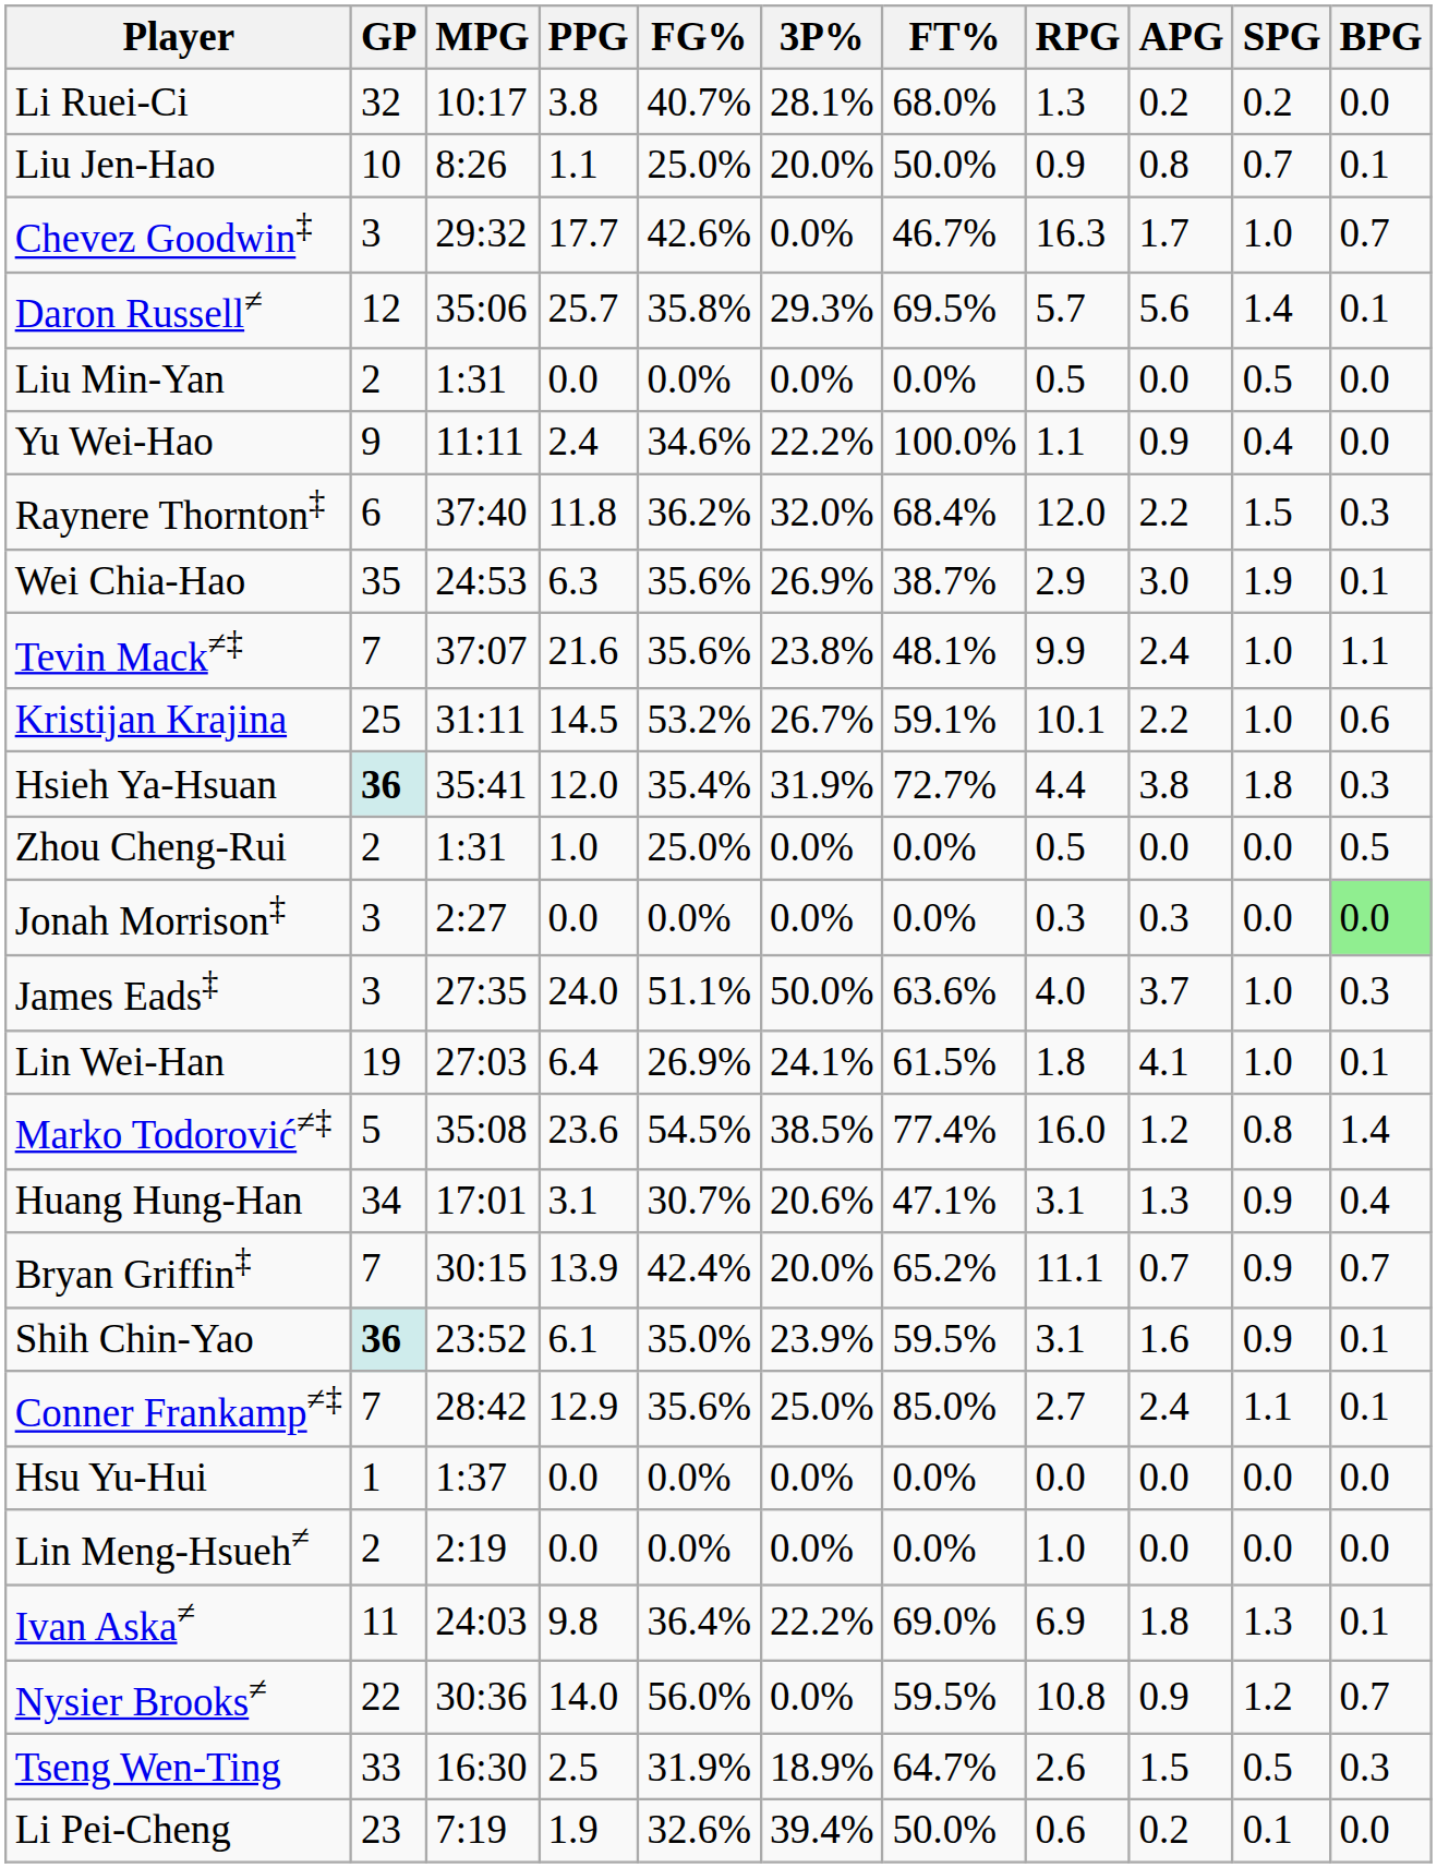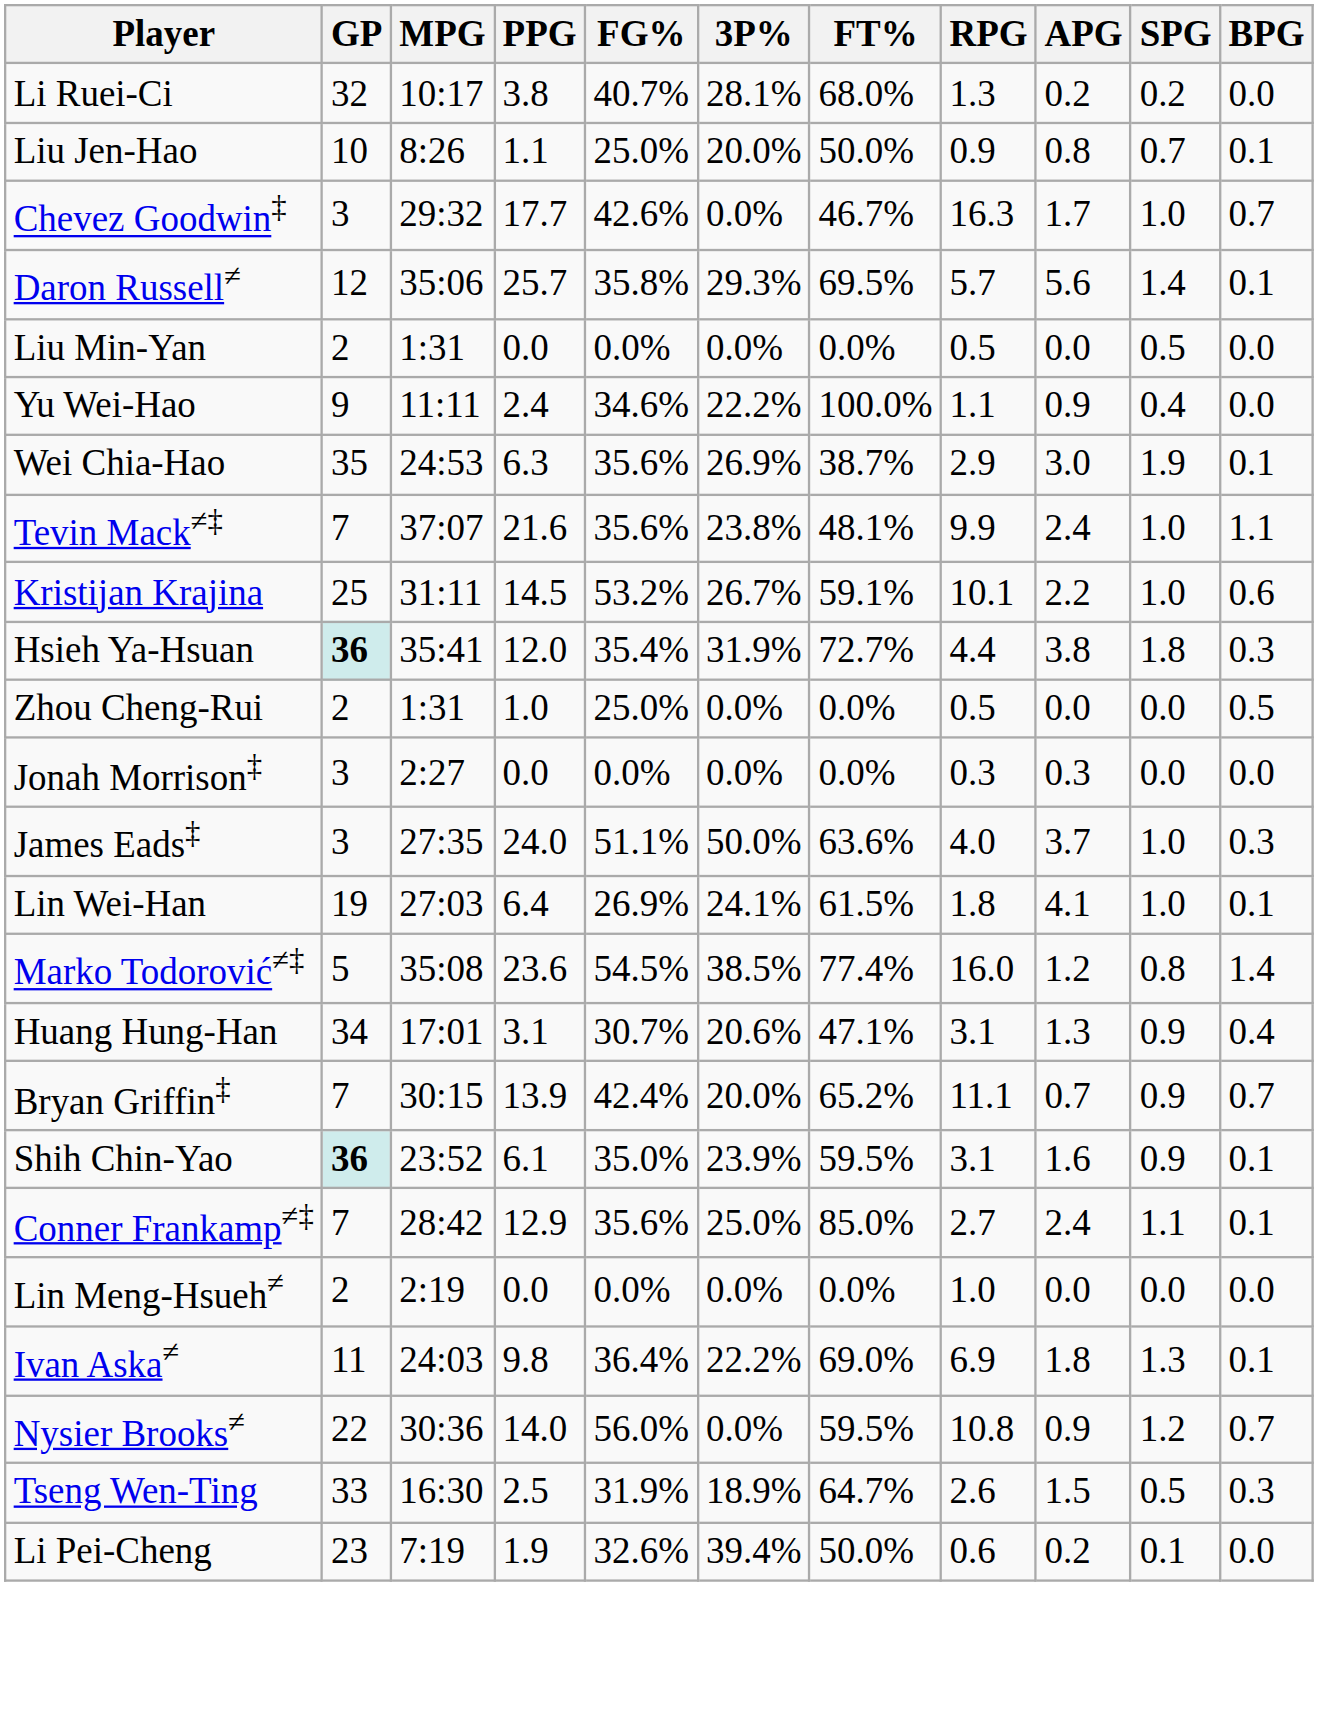 <table class="wikitable">
 <tr>
 <th>Player</th>
 <th>GP</th>
 <th>MPG</th>
 <th>PPG</th>
 <th>FG%</th>
 <th>3P%</th>
 <th>FT%</th>
 <th>RPG</th>
 <th>APG</th>
 <th>SPG</th>
 <th>BPG</th>
 </tr>
 <tr>
 <td>Li Ruei-Ci</td>
 <td>32</td>
 <td>10:17</td>
 <td>3.8</td>
 <td>40.7%</td>
 <td>28.1%</td>
 <td>68.0%</td>
 <td>1.3</td>
 <td>0.2</td>
 <td>0.2</td>
 <td>0.0</td>
 </tr>
 <tr>
 <td>Liu Jen-Hao</td>
 <td>10</td>
 <td>8:26</td>
 <td>1.1</td>
 <td>25.0%</td>
 <td>20.0%</td>
 <td>50.0%</td>
 <td>0.9</td>
 <td>0.8</td>
 <td>0.7</td>
 <td>0.1</td>
 </tr>
 <tr>
 <td><a href='#'>Chevez Goodwin</a><sup>‡</sup></td>
 <td>3</td>
 <td>29:32</td>
 <td>17.7</td>
 <td>42.6%</td>
 <td>0.0%</td>
 <td>46.7%</td>
 <td>16.3</td>
 <td>1.7</td>
 <td>1.0</td>
 <td>0.7</td>
 </tr>
 <tr>
 <td><a href='#'>Daron Russell</a><sup>≠</sup></td>
 <td>12</td>
 <td>35:06</td>
 <td>25.7</td>
 <td>35.8%</td>
 <td>29.3%</td>
 <td>69.5%</td>
 <td>5.7</td>
 <td>5.6</td>
 <td>1.4</td>
 <td>0.1</td>
 </tr>
 <tr>
 <td>Liu Min-Yan</td>
 <td>2</td>
 <td>1:31</td>
 <td>0.0</td>
 <td>0.0%</td>
 <td>0.0%</td>
 <td>0.0%</td>
 <td>0.5</td>
 <td>0.0</td>
 <td>0.5</td>
 <td>0.0</td>
 </tr>
 <tr>
 <td>Yu Wei-Hao</td>
 <td>9</td>
 <td>11:11</td>
 <td>2.4</td>
 <td>34.6%</td>
 <td>22.2%</td>
 <td>100.0%</td>
 <td>1.1</td>
 <td>0.9</td>
 <td>0.4</td>
 <td>0.0</td>
 </tr>
 <tr>
-<td>Raynere Thornton<sup>‡</sup></td>
-<td>6</td>
-<td>37:40</td>
-<td>11.8</td>
-<td>36.2%</td>
-<td>32.0%</td>
-<td>68.4%</td>
-<td>12.0</td>
-<td>2.2</td>
-<td>1.5</td>
-<td>0.3</td>
-</tr>
-<tr>
 <td>Wei Chia-Hao</td>
 <td>35</td>
 <td>24:53</td>
 <td>6.3</td>
 <td>35.6%</td>
 <td>26.9%</td>
 <td>38.7%</td>
 <td>2.9</td>
 <td>3.0</td>
 <td>1.9</td>
 <td>0.1</td>
 </tr>
 <tr>
 <td><a href='#'>Tevin Mack</a><sup>≠‡</sup></td>
 <td>7</td>
 <td>37:07</td>
 <td>21.6</td>
 <td>35.6%</td>
 <td>23.8%</td>
 <td>48.1%</td>
 <td>9.9</td>
 <td>2.4</td>
 <td>1.0</td>
 <td>1.1</td>
 </tr>
 <tr>
 <td><a href='#'>Kristijan Krajina</a></td>
 <td>25</td>
 <td>31:11</td>
 <td>14.5</td>
 <td>53.2%</td>
 <td>26.7%</td>
 <td>59.1%</td>
 <td>10.1</td>
 <td>2.2</td>
 <td>1.0</td>
 <td>0.6</td>
 </tr>
 <tr>
 <td>Hsieh Ya-Hsuan</td>
 <td style="background-color: #CFECEC"><strong>36</strong></td>
 <td>35:41</td>
 <td>12.0</td>
 <td>35.4%</td>
 <td>31.9%</td>
 <td>72.7%</td>
 <td>4.4</td>
 <td>3.8</td>
 <td>1.8</td>
 <td>0.3</td>
 </tr>
 <tr>
 <td>Zhou Cheng-Rui</td>
 <td>2</td>
 <td>1:31</td>
 <td>1.0</td>
 <td>25.0%</td>
 <td>0.0%</td>
 <td>0.0%</td>
 <td>0.5</td>
 <td>0.0</td>
 <td>0.0</td>
 <td>0.5</td>
 </tr>
 <tr>
 <td>Jonah Morrison<sup>‡</sup></td>
 <td>3</td>
 <td>2:27</td>
 <td>0.0</td>
 <td>0.0%</td>
 <td>0.0%</td>
 <td>0.0%</td>
 <td>0.3</td>
 <td>0.3</td>
 <td>0.0</td>
-<td style="background: lightgreen;">0.0</td>
+<td>0.0</td>
 </tr>
 <tr>
 <td>James Eads<sup>‡</sup></td>
 <td>3</td>
 <td>27:35</td>
 <td>24.0</td>
 <td>51.1%</td>
 <td>50.0%</td>
 <td>63.6%</td>
 <td>4.0</td>
 <td>3.7</td>
 <td>1.0</td>
 <td>0.3</td>
 </tr>
 <tr>
 <td>Lin Wei-Han</td>
 <td>19</td>
 <td>27:03</td>
 <td>6.4</td>
 <td>26.9%</td>
 <td>24.1%</td>
 <td>61.5%</td>
 <td>1.8</td>
 <td>4.1</td>
 <td>1.0</td>
 <td>0.1</td>
 </tr>
 <tr>
 <td><a href='#'>Marko Todorović</a><sup>≠‡</sup></td>
 <td>5</td>
 <td>35:08</td>
 <td>23.6</td>
 <td>54.5%</td>
 <td>38.5%</td>
 <td>77.4%</td>
 <td>16.0</td>
 <td>1.2</td>
 <td>0.8</td>
 <td>1.4</td>
 </tr>
 <tr>
 <td>Huang Hung-Han</td>
 <td>34</td>
 <td>17:01</td>
 <td>3.1</td>
 <td>30.7%</td>
 <td>20.6%</td>
 <td>47.1%</td>
 <td>3.1</td>
 <td>1.3</td>
 <td>0.9</td>
 <td>0.4</td>
 </tr>
 <tr>
 <td>Bryan Griffin<sup>‡</sup></td>
 <td>7</td>
 <td>30:15</td>
 <td>13.9</td>
 <td>42.4%</td>
 <td>20.0%</td>
 <td>65.2%</td>
 <td>11.1</td>
 <td>0.7</td>
 <td>0.9</td>
 <td>0.7</td>
 </tr>
 <tr>
 <td>Shih Chin-Yao</td>
 <td style="background-color: #CFECEC"><strong>36</strong></td>
 <td>23:52</td>
 <td>6.1</td>
 <td>35.0%</td>
 <td>23.9%</td>
 <td>59.5%</td>
 <td>3.1</td>
 <td>1.6</td>
 <td>0.9</td>
 <td>0.1</td>
 </tr>
 <tr>
 <td><a href='#'>Conner Frankamp</a><sup>≠‡</sup></td>
 <td>7</td>
 <td>28:42</td>
 <td>12.9</td>
 <td>35.6%</td>
 <td>25.0%</td>
 <td>85.0%</td>
 <td>2.7</td>
 <td>2.4</td>
 <td>1.1</td>
 <td>0.1</td>
 </tr>
 <tr>
-<td>Hsu Yu-Hui</td>
-<td>1</td>
-<td>1:37</td>
-<td>0.0</td>
-<td>0.0%</td>
-<td>0.0%</td>
-<td>0.0%</td>
-<td>0.0</td>
-<td>0.0</td>
-<td>0.0</td>
-<td>0.0</td>
-</tr>
-<tr>
 <td>Lin Meng-Hsueh<sup>≠</sup></td>
 <td>2</td>
 <td>2:19</td>
 <td>0.0</td>
 <td>0.0%</td>
 <td>0.0%</td>
 <td>0.0%</td>
 <td>1.0</td>
 <td>0.0</td>
 <td>0.0</td>
 <td>0.0</td>
 </tr>
 <tr>
 <td><a href='#'>Ivan Aska</a><sup>≠</sup></td>
 <td>11</td>
 <td>24:03</td>
 <td>9.8</td>
 <td>36.4%</td>
 <td>22.2%</td>
 <td>69.0%</td>
 <td>6.9</td>
 <td>1.8</td>
 <td>1.3</td>
 <td>0.1</td>
 </tr>
 <tr>
 <td><a href='#'>Nysier Brooks</a><sup>≠</sup></td>
 <td>22</td>
 <td>30:36</td>
 <td>14.0</td>
 <td>56.0%</td>
 <td>0.0%</td>
 <td>59.5%</td>
 <td>10.8</td>
 <td>0.9</td>
 <td>1.2</td>
 <td>0.7</td>
 </tr>
 <tr>
 <td><a href='#'>Tseng Wen-Ting</a></td>
 <td>33</td>
 <td>16:30</td>
 <td>2.5</td>
 <td>31.9%</td>
 <td>18.9%</td>
 <td>64.7%</td>
 <td>2.6</td>
 <td>1.5</td>
 <td>0.5</td>
 <td>0.3</td>
 </tr>
 <tr>
 <td>Li Pei-Cheng</td>
 <td>23</td>
 <td>7:19</td>
 <td>1.9</td>
 <td>32.6%</td>
 <td>39.4%</td>
 <td>50.0%</td>
 <td>0.6</td>
 <td>0.2</td>
 <td>0.1</td>
 <td>0.0</td>
 </tr>
 </table>
